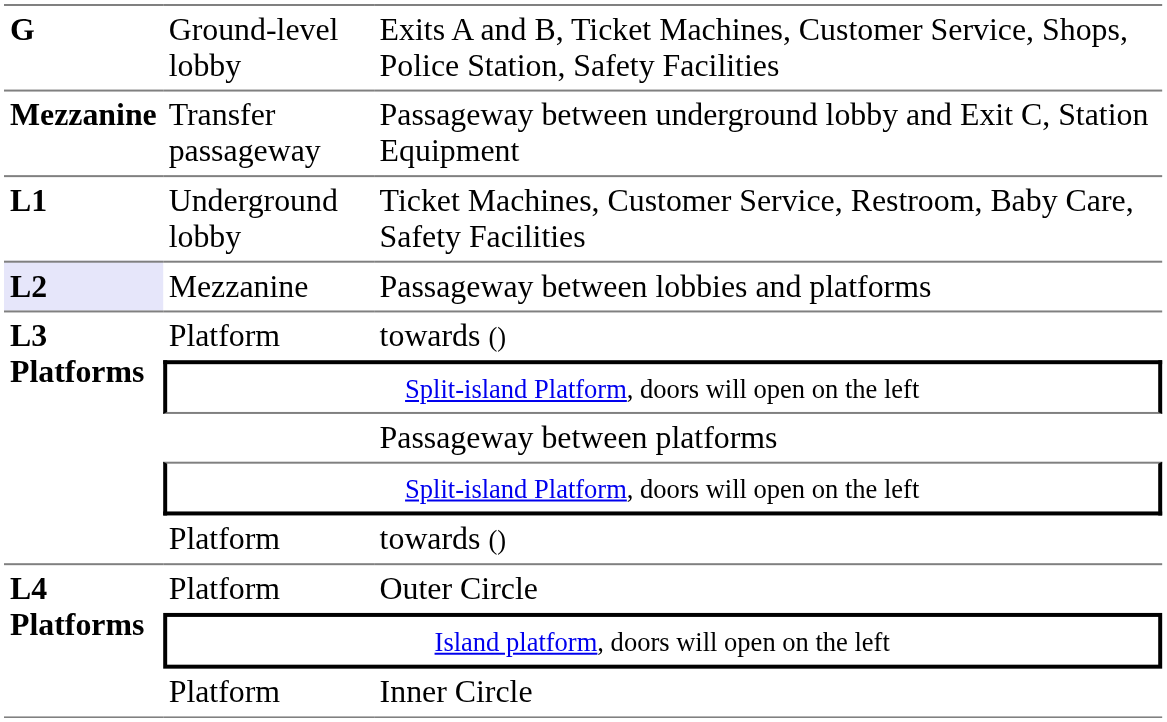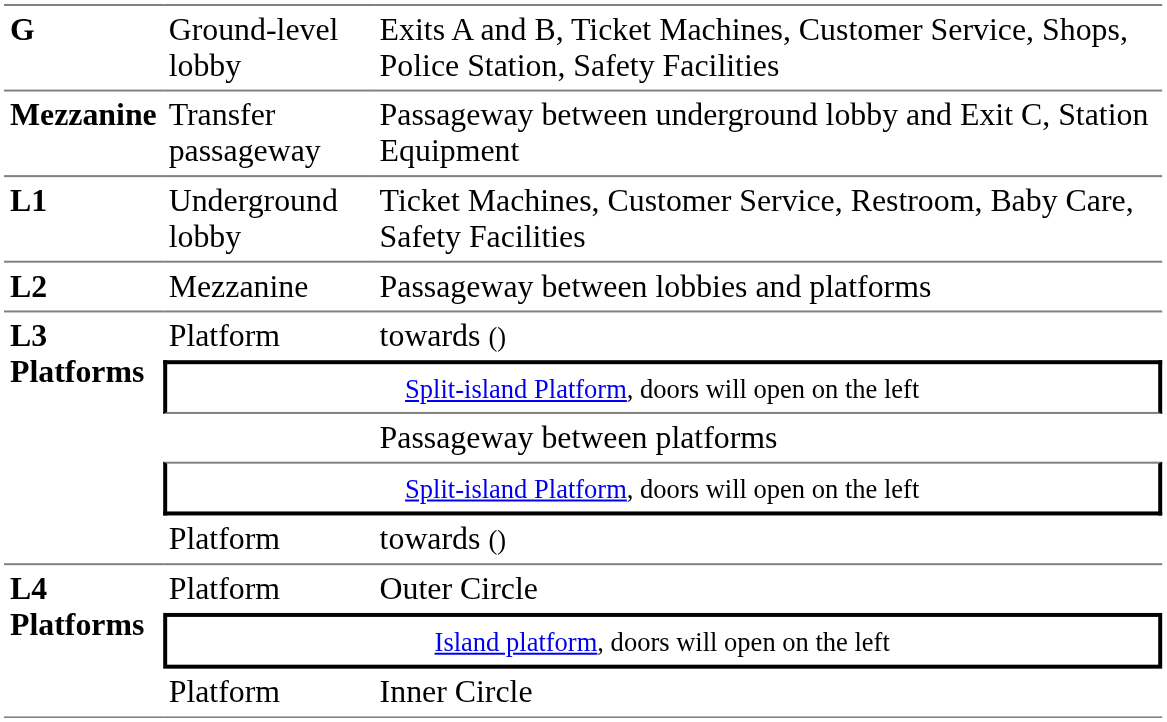 <table table border=0 cellspacing=0 cellpadding=3>
 <tr>
 <td style="border-top:solid 1px gray;" width=50 valign=top><strong>G</strong></td>
 <td style="border-top:solid 1px gray;" width=100 valign=top>Ground-level lobby</td>
 <td style="border-top:solid 1px gray;" width=390 valign=top>Exits A and B, Ticket Machines, Customer Service, Shops, Police Station, Safety Facilities</td>
 </tr>
 <tr>
 <td style="border-top:solid 1px gray;" width=50 valign=top><strong>Mezzanine</strong></td>
 <td style="border-top:solid 1px gray;" width=100 valign=top>Transfer passageway</td>
 <td style="border-top:solid 1px gray;" width=390 valign=top>Passageway between underground lobby and Exit C, Station Equipment</td>
 </tr>
 <tr>
 <td style="border-top:solid 1px gray;" width=50 valign=top><strong>L1</strong></td>
 <td style="border-top:solid 1px gray;" width=100 valign=top>Underground lobby</td>
 <td style="border-top:solid 1px gray;" width=390 valign=top>Ticket Machines, Customer Service, Restroom, Baby Care, Safety Facilities</td>
 </tr>
 <tr>
-<td style="background: lavender; border-top:solid 1px gray;" width=50 valign=top><strong>L2</strong></td>
+<td style="border-top:solid 1px gray;" width=50 valign=top><strong>L2</strong></td>
 <td style="border-top:solid 1px gray;" width=100 valign=top>Mezzanine</td>
 <td style="border-top:solid 1px gray;" width=390 valign=top>Passageway between lobbies and  platforms</td>
 </tr>
 <tr>
 <td style="border-top:solid 1px gray; border-bottom:solid 1px gray;" rowspan=5 valign=top><strong>L3<br> Platforms</strong></td>
 <td style="border-top:solid 1px gray;" width=100>Platform </td>
 <td style="border-top:solid 1px gray;" width=390>  towards  <small>()</small></td>
 </tr>
 <tr>
 <td style="border-right:solid 2px black;border-left:solid 2px black;border-top:solid 2px black;border-bottom:solid 1px gray;text-align:center;" colspan=2><small><a href='#'>Split-island Platform</a>, doors will open on the left</small></td>
 </tr>
 <tr>
 <td></td>
 <td>Passageway between platforms</td>
 </tr>
 <tr>
 <td style="border-right:solid 2px black;border-left:solid 2px black;border-top:solid 1px gray;border-bottom:solid 2px black;text-align:center;" colspan=2><small><a href='#'>Split-island Platform</a>, doors will open on the left</small></td>
 </tr>
 <tr>
 <td style="border-bottom:solid 1px gray;">Platform </td>
 <td style="border-bottom:solid 1px gray;"> towards  <small>()</small> </td>
 </tr>
 <tr>
 <td style="border-bottom:solid 1px gray;" rowspan=3 valign=top><strong>L4<br> Platforms</strong></td>
 <td>Platform </td>
 <td>  Outer Circle </td>
 </tr>
 <tr>
 <td style="border-right:solid 2px black;border-left:solid 2px black;border-top:solid 2px black;border-bottom:solid 2px black;text-align:center;" colspan=2><small><a href='#'>Island platform</a>, doors will open on the left</small></td>
 </tr>
 <tr>
 <td style="border-bottom:solid 1px gray;">Platform </td>
 <td style="border-bottom:solid 1px gray;"> Inner Circle  </td>
 </tr>
 <tr>
 </tr>
 </table>
